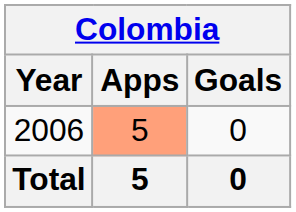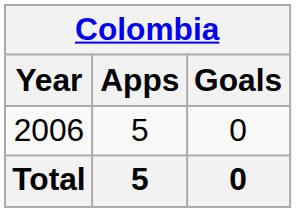 <table class="wikitable" style="text-align:center">
 <tr>
 <th colspan=3><a href='#'>Colombia</a></th>
 </tr>
 <tr>
 <th>Year</th>
 <th>Apps</th>
 <th>Goals</th>
 </tr>
 <tr>
 <td>2006</td>
-<td style="background: lightsalmon;">5</td>
+<td>5</td>
 <td>0</td>
 </tr>
 <tr>
 <th>Total</th>
 <th>5</th>
 <th>0</th>
 </tr>
 </table>
